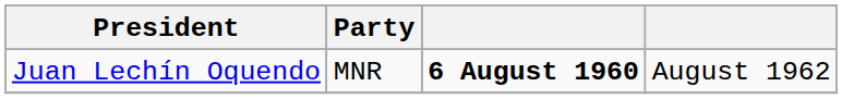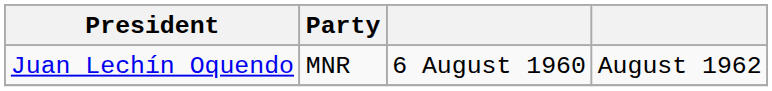 <table class="wikitable">
 <tr>
 <th>President</th>
 <th>Party</th>
 <th></th>
 <th></th>
 </tr>
 <tr>
 <td><a href='#'>Juan Lechín Oquendo</a></td>
 <td>MNR</td>
-<td><strong>6 August 1960</strong></td>
+<td>6 August 1960</td>
 <td>August 1962</td>
 </tr>
 <tr>
 </tr>
 </table>
